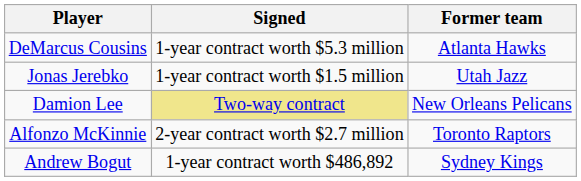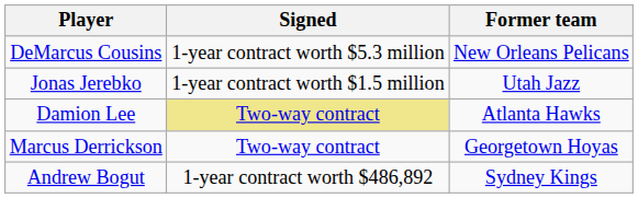 <table class="wikitable sortable sortable" style="text-align: center">
 <tr>
 <th>Player</th>
 <th>Signed</th>
 <th>Former team</th>
 </tr>
 <tr style="text-align: center">
 <td><a href='#'>DeMarcus Cousins</a></td>
 <td>1-year contract worth $5.3 million</td>
-<td><a href='#'>Atlanta Hawks</a></td>
+<td><a href='#'>New Orleans Pelicans</a></td>
 </tr>
 <tr style="text-align: center">
 <td><a href='#'>Jonas Jerebko</a></td>
 <td>1-year contract worth $1.5 million</td>
 <td><a href='#'>Utah Jazz</a></td>
 </tr>
 <tr style="text-align: center">
 <td><a href='#'>Damion Lee</a></td>
 <td style="background: khaki;"><a href='#'>Two-way contract</a></td>
-<td><a href='#'>New Orleans Pelicans</a></td>
+<td><a href='#'>Atlanta Hawks</a></td>
 </tr>
 <tr style="text-align: center">
-<td><a href='#'>Alfonzo McKinnie</a></td>
-<td>2-year contract worth $2.7 million</td>
-<td><a href='#'>Toronto Raptors</a></td>
+<td><a href='#'>Marcus Derrickson</a></td>
+<td><a href='#'>Two-way contract</a></td>
+<td><a href='#'>Georgetown Hoyas</a></td>
 </tr>
 <tr style="text-align: center">
 <td><a href='#'>Andrew Bogut</a></td>
 <td>1-year contract worth $486,892</td>
 <td> <a href='#'>Sydney Kings</a></td>
 </tr>
 </table>
